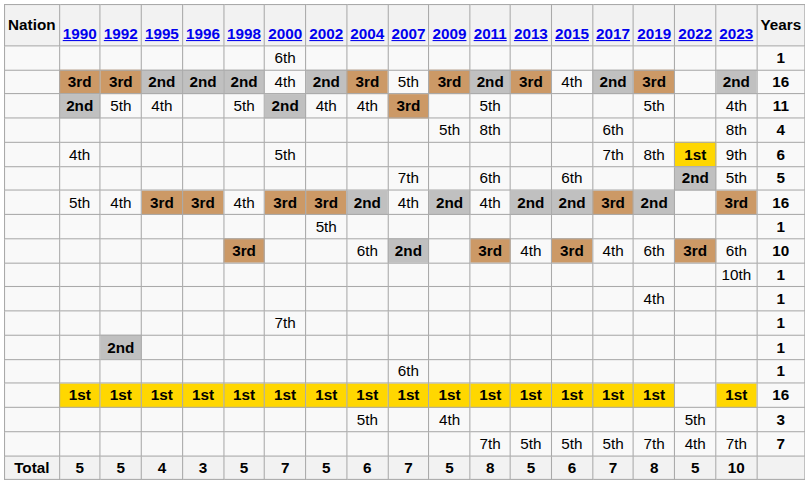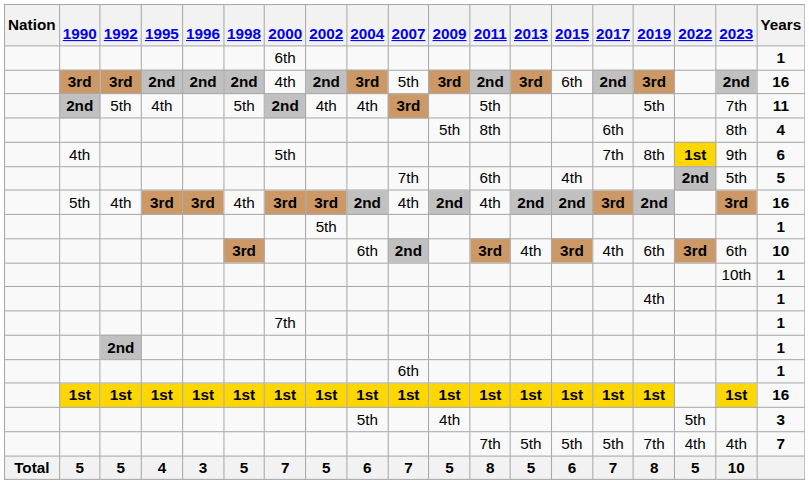 <table class="wikitable" style="text-align:center; font-size:90%">
 <tr>
 <th width=170>Nation</th>
 <th><br><a href='#'>1990</a></th>
 <th><br><a href='#'>1992</a></th>
 <th><br><a href='#'>1995</a></th>
 <th><br><a href='#'>1996</a></th>
 <th><br><a href='#'>1998</a></th>
 <th><br><a href='#'>2000</a></th>
 <th><br><a href='#'>2002</a></th>
 <th><br><a href='#'>2004</a></th>
 <th><br><a href='#'>2007</a></th>
 <th><br><a href='#'>2009</a></th>
 <th><br><a href='#'>2011</a></th>
 <th><br><a href='#'>2013</a></th>
 <th><br><a href='#'>2015</a></th>
 <th><br><a href='#'>2017</a></th>
 <th><br><a href='#'>2019</a></th>
 <th><br><a href='#'>2022</a></th>
 <th><br><a href='#'>2023</a></th>
 <th>Years</th>
 </tr>
 <tr>
 <td align=left></td>
 <td></td>
 <td></td>
 <td></td>
 <td></td>
 <td></td>
 <td>6th</td>
 <td></td>
 <td></td>
 <td></td>
 <td></td>
 <td></td>
 <td></td>
 <td></td>
 <td></td>
 <td></td>
 <td></td>
 <td></td>
 <td><strong>1</strong></td>
 </tr>
 <tr>
 <td align=left></td>
 <td bgcolor=#cc9966><strong>3rd</strong></td>
 <td bgcolor=#cc9966><strong>3rd</strong></td>
 <td bgcolor=silver><strong>2nd</strong></td>
 <td bgcolor=silver><strong>2nd</strong></td>
 <td bgcolor=silver><strong>2nd</strong></td>
 <td>4th</td>
 <td bgcolor=silver><strong>2nd</strong></td>
 <td bgcolor=#cc9966><strong>3rd</strong></td>
 <td>5th</td>
 <td bgcolor=#cc9966><strong>3rd</strong></td>
 <td bgcolor=silver><strong>2nd</strong></td>
 <td bgcolor=#cc9966><strong>3rd</strong></td>
-<td>4th</td>
+<td>6th</td>
 <td bgcolor=silver><strong>2nd</strong></td>
 <td bgcolor=#cc9966><strong>3rd</strong></td>
 <td></td>
 <td bgcolor=silver><strong>2nd</strong></td>
 <td><strong>16</strong></td>
 </tr>
 <tr>
 <td align=left></td>
 <td bgcolor=silver><strong>2nd</strong></td>
 <td>5th</td>
 <td>4th</td>
 <td></td>
 <td>5th</td>
 <td bgcolor=silver><strong>2nd</strong></td>
 <td>4th</td>
 <td>4th</td>
 <td bgcolor=#cc9966><strong>3rd</strong></td>
 <td></td>
 <td>5th</td>
 <td></td>
 <td></td>
 <td></td>
 <td>5th</td>
 <td></td>
-<td>4th</td>
+<td>7th</td>
 <td><strong>11</strong></td>
 </tr>
 <tr>
 <td align=left></td>
 <td></td>
 <td></td>
 <td></td>
 <td></td>
 <td></td>
 <td></td>
 <td></td>
 <td></td>
 <td></td>
 <td>5th</td>
 <td>8th</td>
 <td></td>
 <td></td>
 <td>6th</td>
 <td></td>
 <td></td>
 <td>8th</td>
 <td><strong>4</strong></td>
 </tr>
 <tr>
 <td align=left></td>
 <td>4th</td>
 <td></td>
 <td></td>
 <td></td>
 <td></td>
 <td>5th</td>
 <td></td>
 <td></td>
 <td></td>
 <td></td>
 <td></td>
 <td></td>
 <td></td>
 <td>7th</td>
 <td>8th</td>
 <td bgcolor=gold><strong>1st</strong></td>
 <td>9th</td>
 <td><strong>6</strong></td>
 </tr>
 <tr>
 <td align=left></td>
 <td></td>
 <td></td>
 <td></td>
 <td></td>
 <td></td>
 <td></td>
 <td></td>
 <td></td>
 <td>7th</td>
 <td></td>
 <td>6th</td>
 <td></td>
-<td>6th</td>
+<td>4th</td>
 <td></td>
 <td></td>
 <td bgcolor=silver><strong>2nd</strong></td>
 <td>5th</td>
 <td><strong>5</strong></td>
 </tr>
 <tr>
 <td align=left></td>
 <td>5th</td>
 <td>4th</td>
 <td bgcolor=#cc9966><strong>3rd</strong></td>
 <td bgcolor=#cc9966><strong>3rd</strong></td>
 <td>4th</td>
 <td bgcolor=#cc9966><strong>3rd</strong></td>
 <td bgcolor=#cc9966><strong>3rd</strong></td>
 <td bgcolor=silver><strong>2nd</strong></td>
 <td>4th</td>
 <td bgcolor=silver><strong>2nd</strong></td>
 <td>4th</td>
 <td bgcolor=silver><strong>2nd</strong></td>
 <td bgcolor=silver><strong>2nd</strong></td>
 <td bgcolor=#cc9966><strong>3rd</strong></td>
 <td bgcolor=silver><strong>2nd</strong></td>
 <td></td>
 <td bgcolor=#cc9966><strong>3rd</strong></td>
 <td><strong>16</strong></td>
 </tr>
 <tr>
 <td align=left></td>
 <td></td>
 <td></td>
 <td></td>
 <td></td>
 <td></td>
 <td></td>
 <td>5th</td>
 <td></td>
 <td></td>
 <td></td>
 <td></td>
 <td></td>
 <td></td>
 <td></td>
 <td></td>
 <td></td>
 <td></td>
 <td><strong>1</strong></td>
 </tr>
 <tr>
 <td align=left></td>
 <td></td>
 <td></td>
 <td></td>
 <td></td>
 <td bgcolor=#cc9966><strong>3rd</strong></td>
 <td></td>
 <td></td>
 <td>6th</td>
 <td bgcolor=silver><strong>2nd</strong></td>
 <td></td>
 <td bgcolor=#cc9966><strong>3rd</strong></td>
 <td>4th</td>
 <td bgcolor=#cc9966><strong>3rd</strong></td>
 <td>4th</td>
 <td>6th</td>
 <td bgcolor=#cc9966><strong>3rd</strong></td>
 <td>6th</td>
 <td><strong>10</strong></td>
 </tr>
 <tr>
 <td align=left></td>
 <td></td>
 <td></td>
 <td></td>
 <td></td>
 <td></td>
 <td></td>
 <td></td>
 <td></td>
 <td></td>
 <td></td>
 <td></td>
 <td></td>
 <td></td>
 <td></td>
 <td></td>
 <td></td>
 <td>10th</td>
 <td><strong>1</strong></td>
 </tr>
 <tr>
 <td align=left></td>
 <td></td>
 <td></td>
 <td></td>
 <td></td>
 <td></td>
 <td></td>
 <td></td>
 <td></td>
 <td></td>
 <td></td>
 <td></td>
 <td></td>
 <td></td>
 <td></td>
 <td>4th</td>
 <td></td>
 <td></td>
 <td><strong>1</strong></td>
 </tr>
 <tr>
 <td align=left></td>
 <td></td>
 <td></td>
 <td></td>
 <td></td>
 <td></td>
 <td>7th</td>
 <td></td>
 <td></td>
 <td></td>
 <td></td>
 <td></td>
 <td></td>
 <td></td>
 <td></td>
 <td></td>
 <td></td>
 <td></td>
 <td><strong>1</strong></td>
 </tr>
 <tr>
 <td align=left></td>
 <td></td>
 <td bgcolor=silver><strong>2nd</strong></td>
 <td></td>
 <td></td>
 <td></td>
 <td></td>
 <td></td>
 <td></td>
 <td></td>
 <td></td>
 <td></td>
 <td></td>
 <td></td>
 <td></td>
 <td></td>
 <td></td>
 <td></td>
 <td><strong>1</strong></td>
 </tr>
 <tr>
 <td align=left></td>
 <td></td>
 <td></td>
 <td></td>
 <td></td>
 <td></td>
 <td></td>
 <td></td>
 <td></td>
 <td>6th</td>
 <td></td>
 <td></td>
 <td></td>
 <td></td>
 <td></td>
 <td></td>
 <td></td>
 <td></td>
 <td><strong>1</strong></td>
 </tr>
 <tr>
 <td align=left></td>
 <td bgcolor=gold><strong>1st</strong></td>
 <td bgcolor=gold><strong>1st</strong></td>
 <td bgcolor=gold><strong>1st</strong></td>
 <td bgcolor=gold><strong>1st</strong></td>
 <td bgcolor=gold><strong>1st</strong></td>
 <td bgcolor=gold><strong>1st</strong></td>
 <td bgcolor=gold><strong>1st</strong></td>
 <td bgcolor=gold><strong>1st</strong></td>
 <td bgcolor=gold><strong>1st</strong></td>
 <td bgcolor=gold><strong>1st</strong></td>
 <td bgcolor=gold><strong>1st</strong></td>
 <td bgcolor=gold><strong>1st</strong></td>
 <td bgcolor=gold><strong>1st</strong></td>
 <td bgcolor=gold><strong>1st</strong></td>
 <td bgcolor=gold><strong>1st</strong></td>
 <td></td>
 <td bgcolor=gold><strong>1st</strong></td>
 <td><strong>16</strong></td>
 </tr>
 <tr>
 <td align=left></td>
 <td></td>
 <td></td>
 <td></td>
 <td></td>
 <td></td>
 <td></td>
 <td></td>
 <td>5th</td>
 <td></td>
 <td>4th</td>
 <td></td>
 <td></td>
 <td></td>
 <td></td>
 <td></td>
 <td>5th</td>
 <td></td>
 <td><strong>3</strong></td>
 </tr>
 <tr>
 <td align=left></td>
 <td></td>
 <td></td>
 <td></td>
 <td></td>
 <td></td>
 <td></td>
 <td></td>
 <td></td>
 <td></td>
 <td></td>
 <td>7th</td>
 <td>5th</td>
 <td>5th</td>
 <td>5th</td>
 <td>7th</td>
 <td>4th</td>
-<td>7th</td>
+<td>4th</td>
 <td><strong>7</strong></td>
 </tr>
 <tr>
 <th>Total</th>
 <th>5</th>
 <th>5</th>
 <th>4</th>
 <th>3</th>
 <th>5</th>
 <th>7</th>
 <th>5</th>
 <th>6</th>
 <th>7</th>
 <th>5</th>
 <th>8</th>
 <th>5</th>
 <th>6</th>
 <th>7</th>
 <th>8</th>
 <th>5</th>
 <th>10</th>
 <th></th>
 </tr>
 </table>
